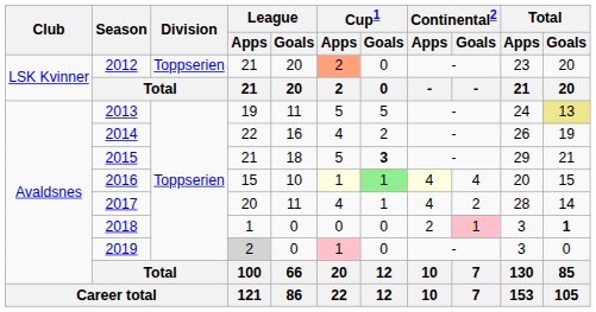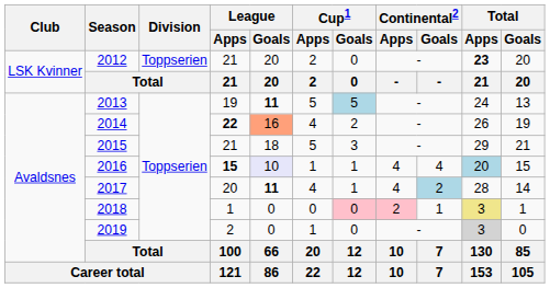 <table class="wikitable" style="text-align: center;">
 <tr>
 <th rowspan="2">Club</th>
 <th rowspan="2">Season</th>
 <th rowspan="2">Division</th>
 <th colspan="2">League</th>
 <th colspan="2">Cup<sup><a href='#'>1</a></sup></th>
 <th colspan="2">Continental<sup><a href='#'>2</a></sup></th>
 <th colspan="2">Total</th>
 </tr>
 <tr>
 <th>Apps</th>
 <th>Goals</th>
 <th>Apps</th>
 <th>Goals</th>
 <th>Apps</th>
 <th>Goals</th>
 <th>Apps</th>
 <th>Goals</th>
 </tr>
 <tr>
 <td rowspan="2" valign="center"><a href='#'>LSK Kvinner</a></td>
 <td><a href='#'>2012</a></td>
 <td rowspan="1" valign="center"><a href='#'>Toppserien</a></td>
 <td>21</td>
 <td>20</td>
-<td style="background: lightsalmon;">2</td>
+<td>2</td>
 <td>0</td>
 <td colspan="2">-</td>
-<td>23</td>
+<td><strong>23</strong></td>
 <td>20</td>
 </tr>
 <tr>
 <th colspan="2">Total</th>
 <th>21</th>
 <th>20</th>
 <th>2</th>
 <th>0</th>
 <th>-</th>
 <th>-</th>
 <th>21</th>
 <th>20</th>
 </tr>
 <tr>
 <td rowspan="8" valign="center"><a href='#'>Avaldsnes</a></td>
 <td><a href='#'>2013</a></td>
 <td rowspan="7" valign="center"><a href='#'>Toppserien</a></td>
 <td>19</td>
-<td>11</td>
+<td><strong>11</strong></td>
 <td>5</td>
-<td>5</td>
+<td style="background: lightblue;">5</td>
 <td colspan="2">-</td>
 <td>24</td>
-<td style="background: khaki;">13</td>
+<td>13</td>
 </tr>
 <tr>
 <td><a href='#'>2014</a></td>
-<td>22</td>
-<td>16</td>
+<td><strong>22</strong></td>
+<td style="background: lightsalmon;">16</td>
 <td>4</td>
 <td>2</td>
 <td colspan="2">-</td>
 <td>26</td>
 <td>19</td>
 </tr>
 <tr>
 <td><a href='#'>2015</a></td>
 <td>21</td>
 <td>18</td>
 <td>5</td>
-<td><strong>3</strong></td>
+<td>3</td>
 <td colspan="2">-</td>
 <td>29</td>
 <td>21</td>
 </tr>
 <tr>
 <td><a href='#'>2016</a></td>
-<td>15</td>
-<td>10</td>
-<td style="background: lightyellow;">1</td>
-<td style="background: lightgreen;">1</td>
-<td style="background: lightyellow;">4</td>
+<td><strong>15</strong></td>
+<td style="background: lavender;">10</td>
+<td>1</td>
+<td>1</td>
 <td>4</td>
-<td>20</td>
+<td>4</td>
+<td style="background: lightblue;">20</td>
 <td>15</td>
 </tr>
 <tr>
 <td><a href='#'>2017</a></td>
 <td>20</td>
-<td>11</td>
+<td><strong>11</strong></td>
 <td>4</td>
 <td>1</td>
 <td>4</td>
-<td>2</td>
+<td style="background: lightblue;">2</td>
 <td>28</td>
 <td>14</td>
 </tr>
 <tr>
 <td><a href='#'>2018</a></td>
 <td>1</td>
 <td>0</td>
 <td>0</td>
-<td>0</td>
-<td>2</td>
-<td style="background: pink;">1</td>
-<td>3</td>
-<td><strong>1</strong></td>
+<td style="background: pink;">0</td>
+<td style="background: pink;">2</td>
+<td>1</td>
+<td style="background: khaki;">3</td>
+<td>1</td>
 </tr>
 <tr>
 <td><a href='#'>2019</a></td>
-<td style="background: lightgrey;">2</td>
+<td>2</td>
 <td>0</td>
-<td style="background: pink;">1</td>
+<td>1</td>
 <td>0</td>
 <td colspan="2">-</td>
-<td>3</td>
+<td style="background: lightgrey;">3</td>
 <td>0</td>
 </tr>
 <tr>
 <th colspan="2">Total</th>
 <th>100</th>
 <th>66</th>
 <th>20</th>
 <th>12</th>
 <th>10</th>
 <th>7</th>
 <th>130</th>
 <th>85</th>
 </tr>
 <tr>
 <th colspan="3">Career total</th>
 <th>121</th>
 <th>86</th>
 <th>22</th>
 <th>12</th>
 <th>10</th>
 <th>7</th>
 <th>153</th>
 <th>105</th>
 </tr>
 </table>
